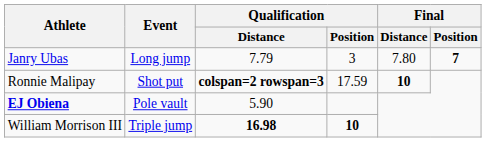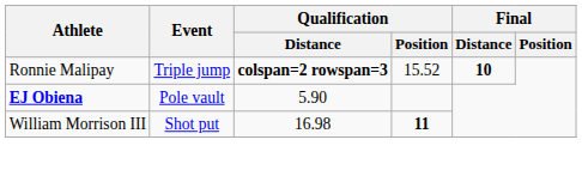 <table class=wikitable style=font-size:90%>
 <tr>
 <th rowspan=2>Athlete</th>
 <th rowspan=2>Event</th>
 <th colspan=2>Qualification</th>
 <th colspan=2>Final</th>
 </tr>
 <tr style=font-size:95%>
 <th>Distance</th>
 <th>Position</th>
 <th>Distance</th>
 <th>Position</th>
 </tr>
 <tr align=center>
-<td align=left><a href='#'>Janry Ubas</a></td>
-<td><a href='#'>Long jump</a></td>
-<td>7.79 </td>
-<td>3 </td>
-<td>7.80</td>
-<td><strong>7</strong></td>
-</tr>
-<tr align=center>
 <td align=left>Ronnie Malipay</td>
-<td><a href='#'>Shot put</a></td>
+<td><a href='#'>Triple jump</a></td>
 <td><strong>colspan=2 rowspan=3 </strong></td>
-<td>17.59</td>
+<td>15.52</td>
 <td><strong>10</strong></td>
 </tr>
 <tr align=center>
 <td align=left><strong><a href='#'>EJ Obiena</a></strong></td>
 <td><a href='#'>Pole vault</a></td>
 <td>5.90 <strong></strong></td>
 <td></td>
 </tr>
 <tr align=center>
 <td align=left>William Morrison III</td>
-<td><a href='#'>Triple jump</a></td>
-<td><strong>16.98</strong></td>
-<td><strong>10</strong></td>
+<td><a href='#'>Shot put</a></td>
+<td>16.98</td>
+<td><strong>11</strong></td>
 </tr>
 </table>
